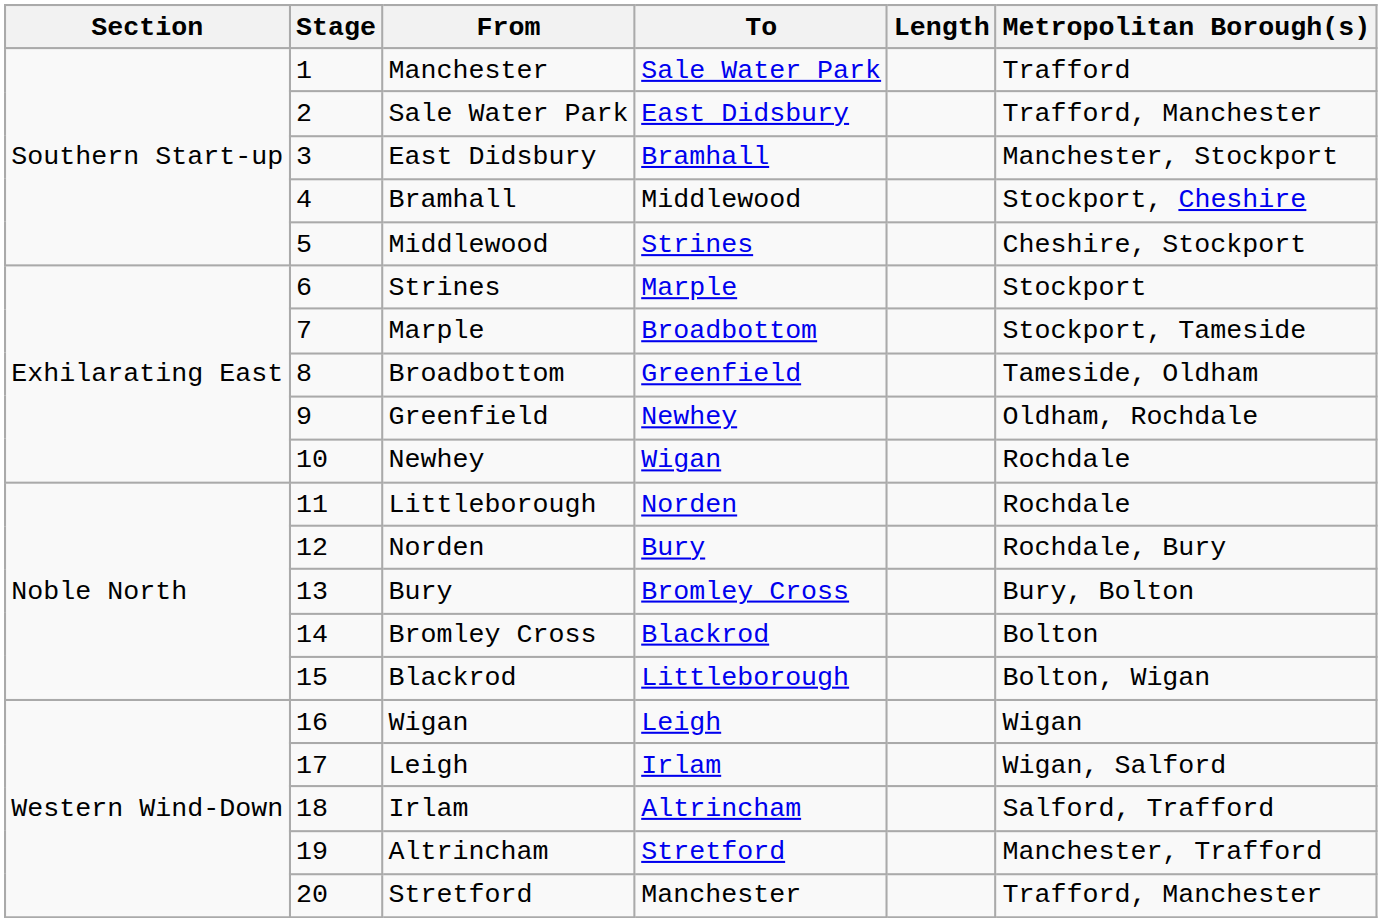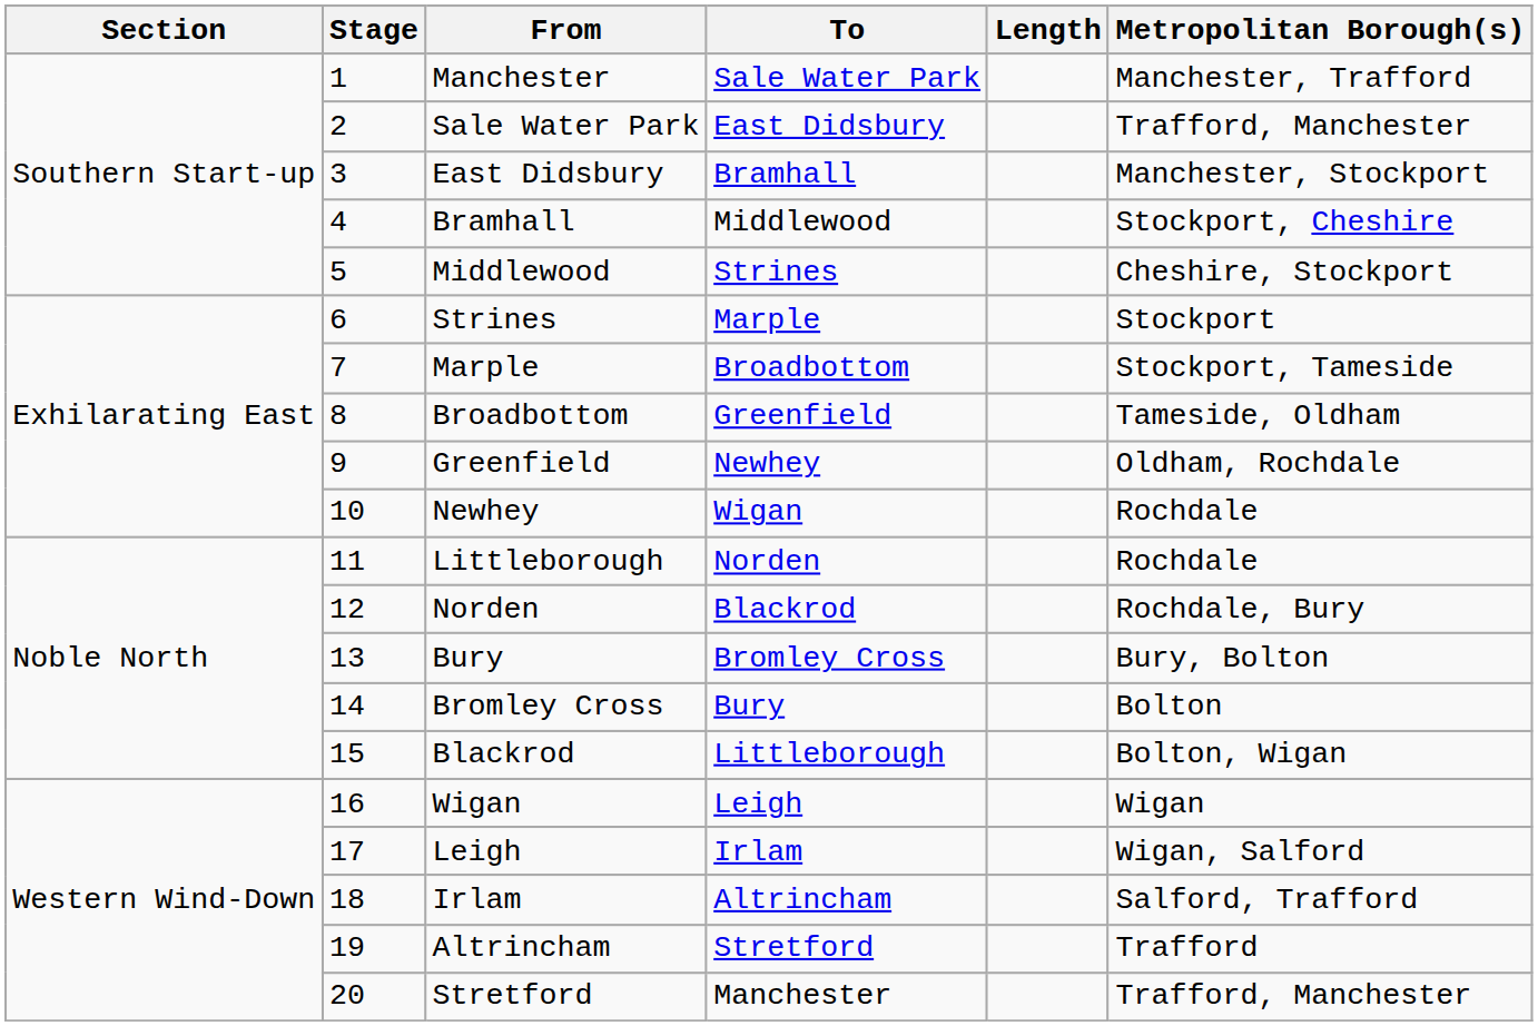 <table class="wikitable">
 <tr>
 <th>Section</th>
 <th>Stage</th>
 <th>From</th>
 <th>To</th>
 <th>Length</th>
 <th>Metropolitan Borough(s)</th>
 </tr>
 <tr>
 <td rowspan="5">Southern Start-up</td>
 <td>1</td>
 <td>Manchester</td>
 <td><a href='#'>Sale Water Park</a></td>
 <td></td>
-<td>Trafford</td>
+<td>Manchester, Trafford</td>
 </tr>
 <tr>
 <td>2</td>
 <td>Sale Water Park</td>
 <td><a href='#'>East Didsbury</a></td>
 <td></td>
 <td>Trafford, Manchester</td>
 </tr>
 <tr>
 <td>3</td>
 <td>East Didsbury</td>
 <td><a href='#'>Bramhall</a></td>
 <td></td>
 <td>Manchester, Stockport</td>
 </tr>
 <tr>
 <td>4</td>
 <td>Bramhall</td>
 <td>Middlewood</td>
 <td></td>
 <td>Stockport, <a href='#'>Cheshire</a></td>
 </tr>
 <tr>
 <td>5</td>
 <td>Middlewood</td>
 <td><a href='#'>Strines</a></td>
 <td></td>
 <td>Cheshire, Stockport</td>
 </tr>
 <tr>
 <td rowspan="5">Exhilarating East</td>
 <td>6</td>
 <td>Strines</td>
 <td><a href='#'>Marple</a></td>
 <td></td>
 <td>Stockport</td>
 </tr>
 <tr>
 <td>7</td>
 <td>Marple</td>
 <td><a href='#'>Broadbottom</a></td>
 <td></td>
 <td>Stockport, Tameside</td>
 </tr>
 <tr>
 <td>8</td>
 <td>Broadbottom</td>
 <td><a href='#'>Greenfield</a></td>
 <td></td>
 <td>Tameside, Oldham</td>
 </tr>
 <tr>
 <td>9</td>
 <td>Greenfield</td>
 <td><a href='#'>Newhey</a></td>
 <td></td>
 <td>Oldham, Rochdale</td>
 </tr>
 <tr>
 <td>10</td>
 <td>Newhey</td>
 <td><a href='#'>Wigan</a></td>
 <td></td>
 <td>Rochdale</td>
 </tr>
 <tr>
 <td rowspan="5">Noble North</td>
 <td>11</td>
 <td>Littleborough</td>
 <td><a href='#'>Norden</a></td>
 <td></td>
 <td>Rochdale</td>
 </tr>
 <tr>
 <td>12</td>
 <td>Norden</td>
-<td><a href='#'>Bury</a></td>
+<td><a href='#'>Blackrod</a></td>
 <td></td>
 <td>Rochdale, Bury</td>
 </tr>
 <tr>
 <td>13</td>
 <td>Bury</td>
 <td><a href='#'>Bromley Cross</a></td>
 <td></td>
 <td>Bury, Bolton</td>
 </tr>
 <tr>
 <td>14</td>
 <td>Bromley Cross</td>
-<td><a href='#'>Blackrod</a></td>
+<td><a href='#'>Bury</a></td>
 <td></td>
 <td>Bolton</td>
 </tr>
 <tr>
 <td>15</td>
 <td>Blackrod</td>
 <td><a href='#'>Littleborough</a></td>
 <td></td>
 <td>Bolton, Wigan</td>
 </tr>
 <tr>
 <td rowspan="5">Western Wind-Down</td>
 <td>16</td>
 <td>Wigan</td>
 <td><a href='#'>Leigh</a></td>
 <td></td>
 <td>Wigan</td>
 </tr>
 <tr>
 <td>17</td>
 <td>Leigh</td>
 <td><a href='#'>Irlam</a></td>
 <td></td>
 <td>Wigan, Salford</td>
 </tr>
 <tr>
 <td>18</td>
 <td>Irlam</td>
 <td><a href='#'>Altrincham</a></td>
 <td></td>
 <td>Salford, Trafford</td>
 </tr>
 <tr>
 <td>19</td>
 <td>Altrincham</td>
 <td><a href='#'>Stretford</a></td>
 <td></td>
-<td>Manchester, Trafford</td>
+<td>Trafford</td>
 </tr>
 <tr>
 <td>20</td>
 <td>Stretford</td>
 <td>Manchester</td>
 <td></td>
 <td>Trafford, Manchester</td>
 </tr>
 </table>
